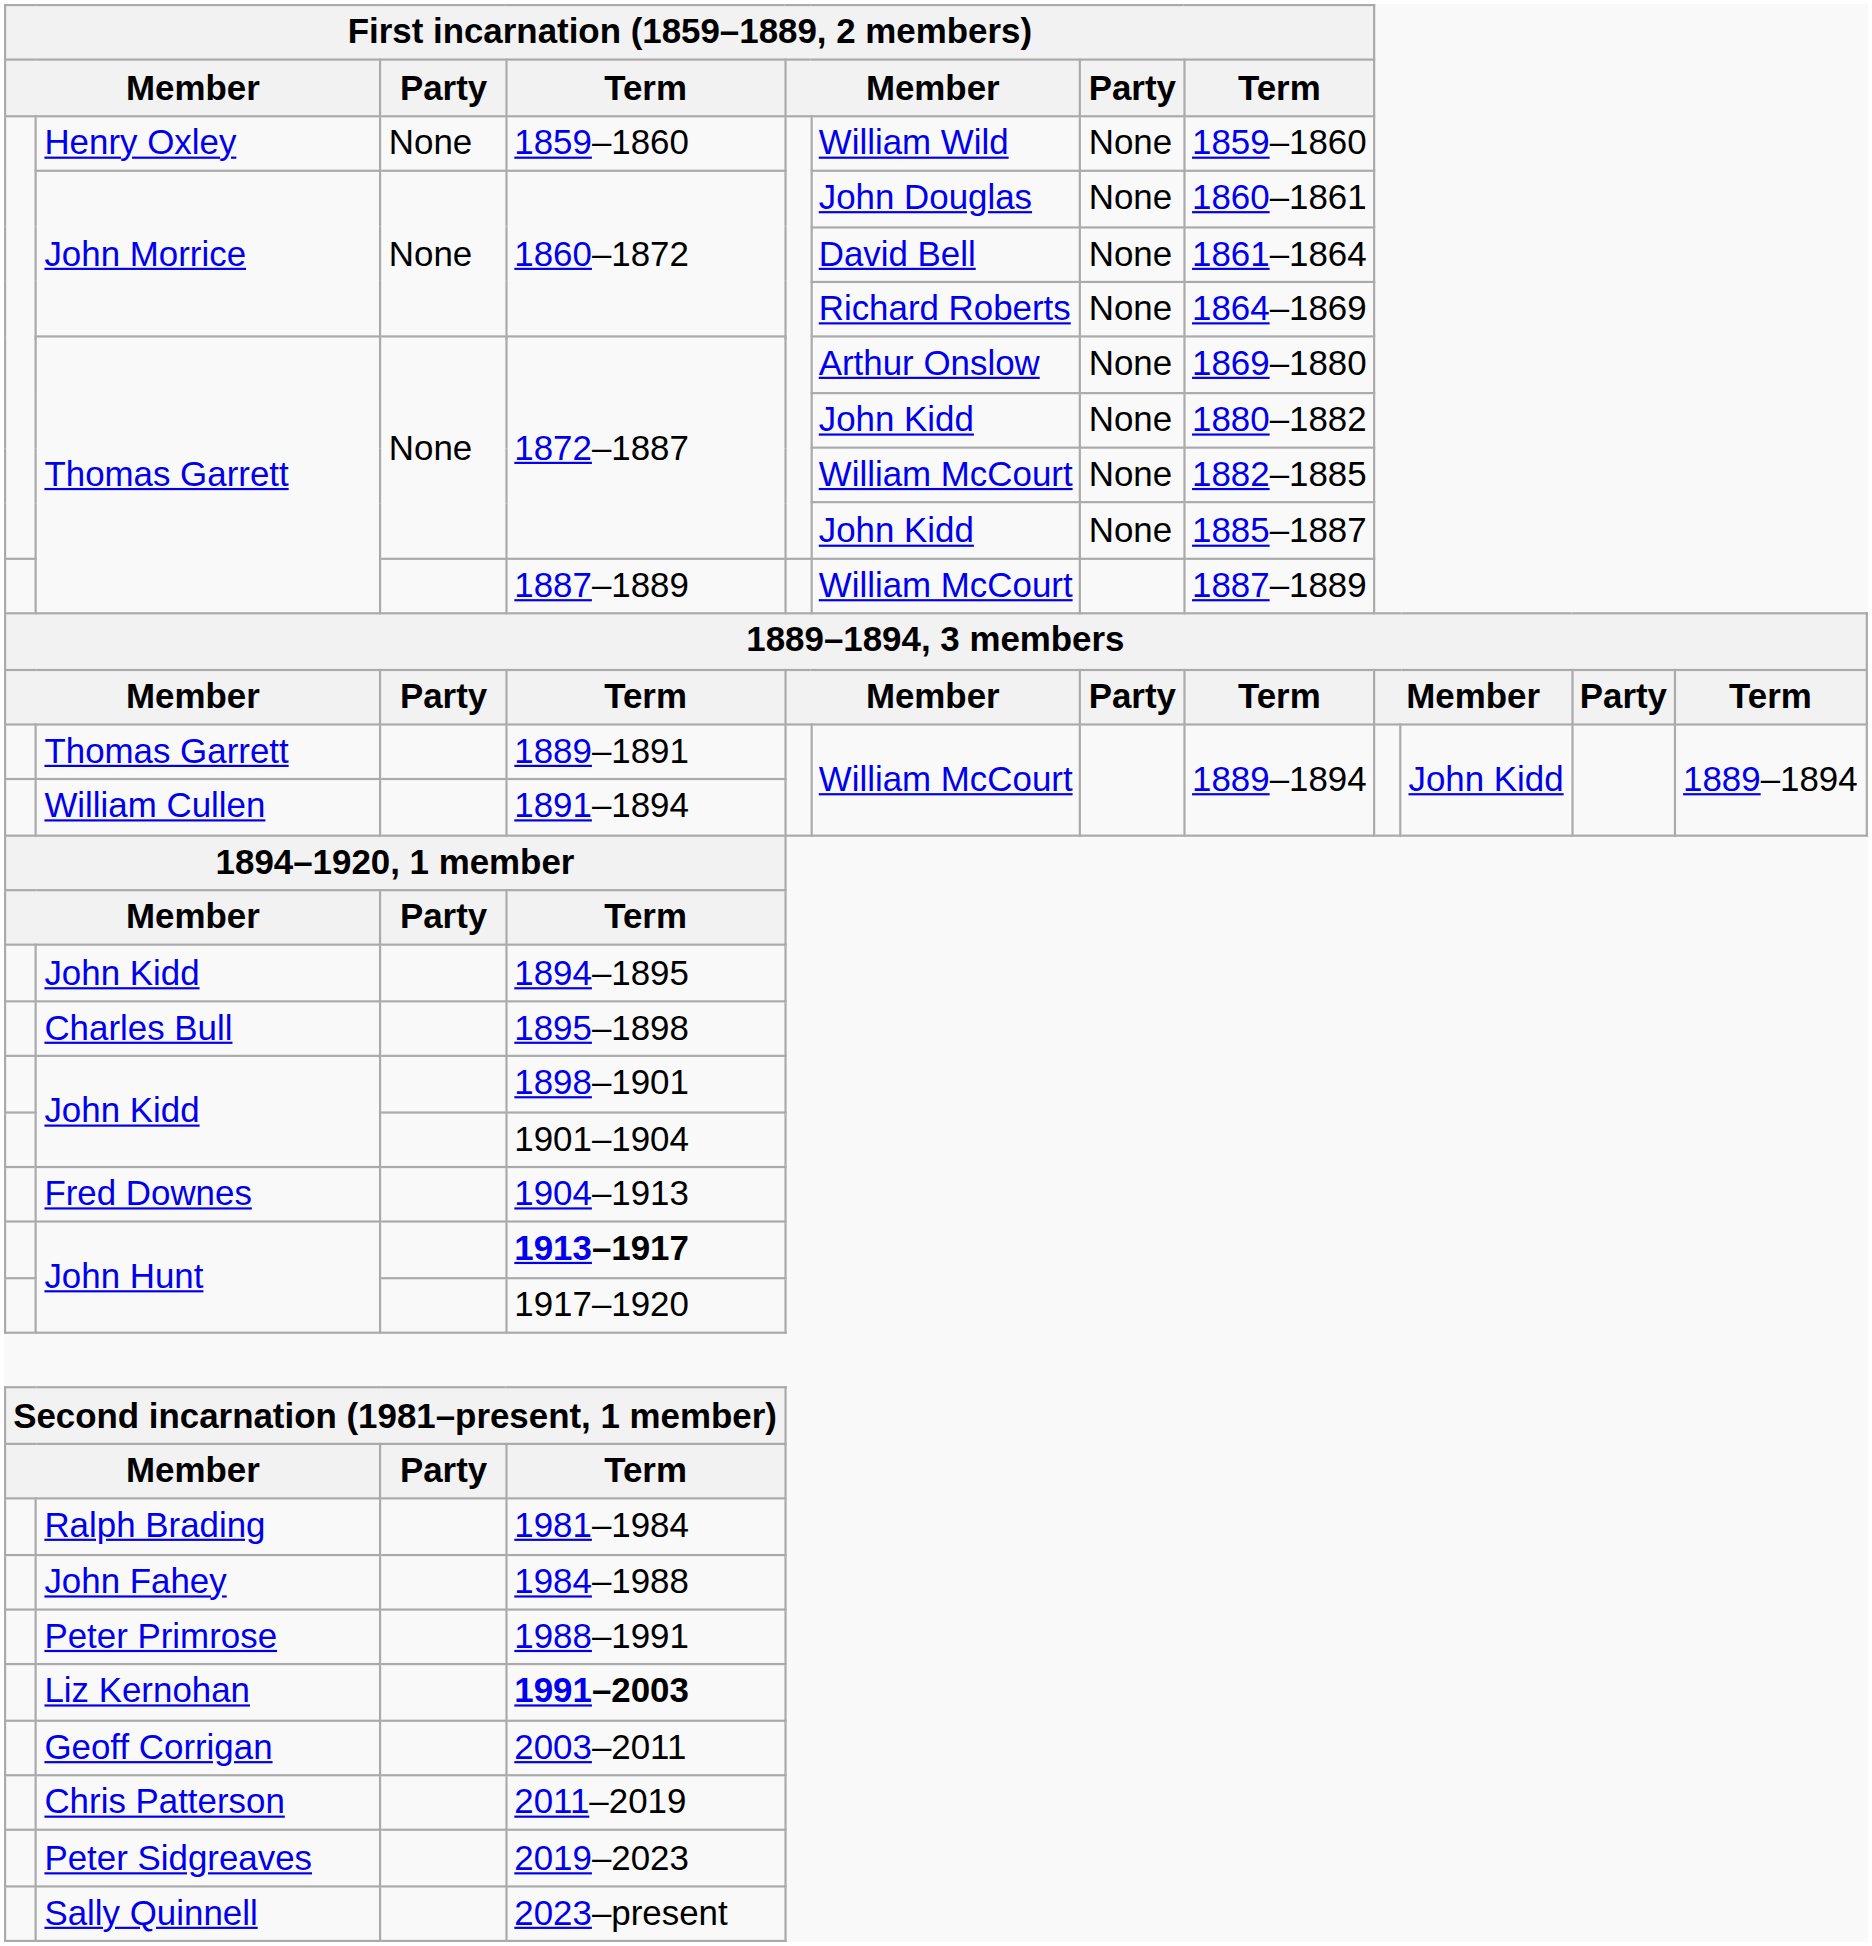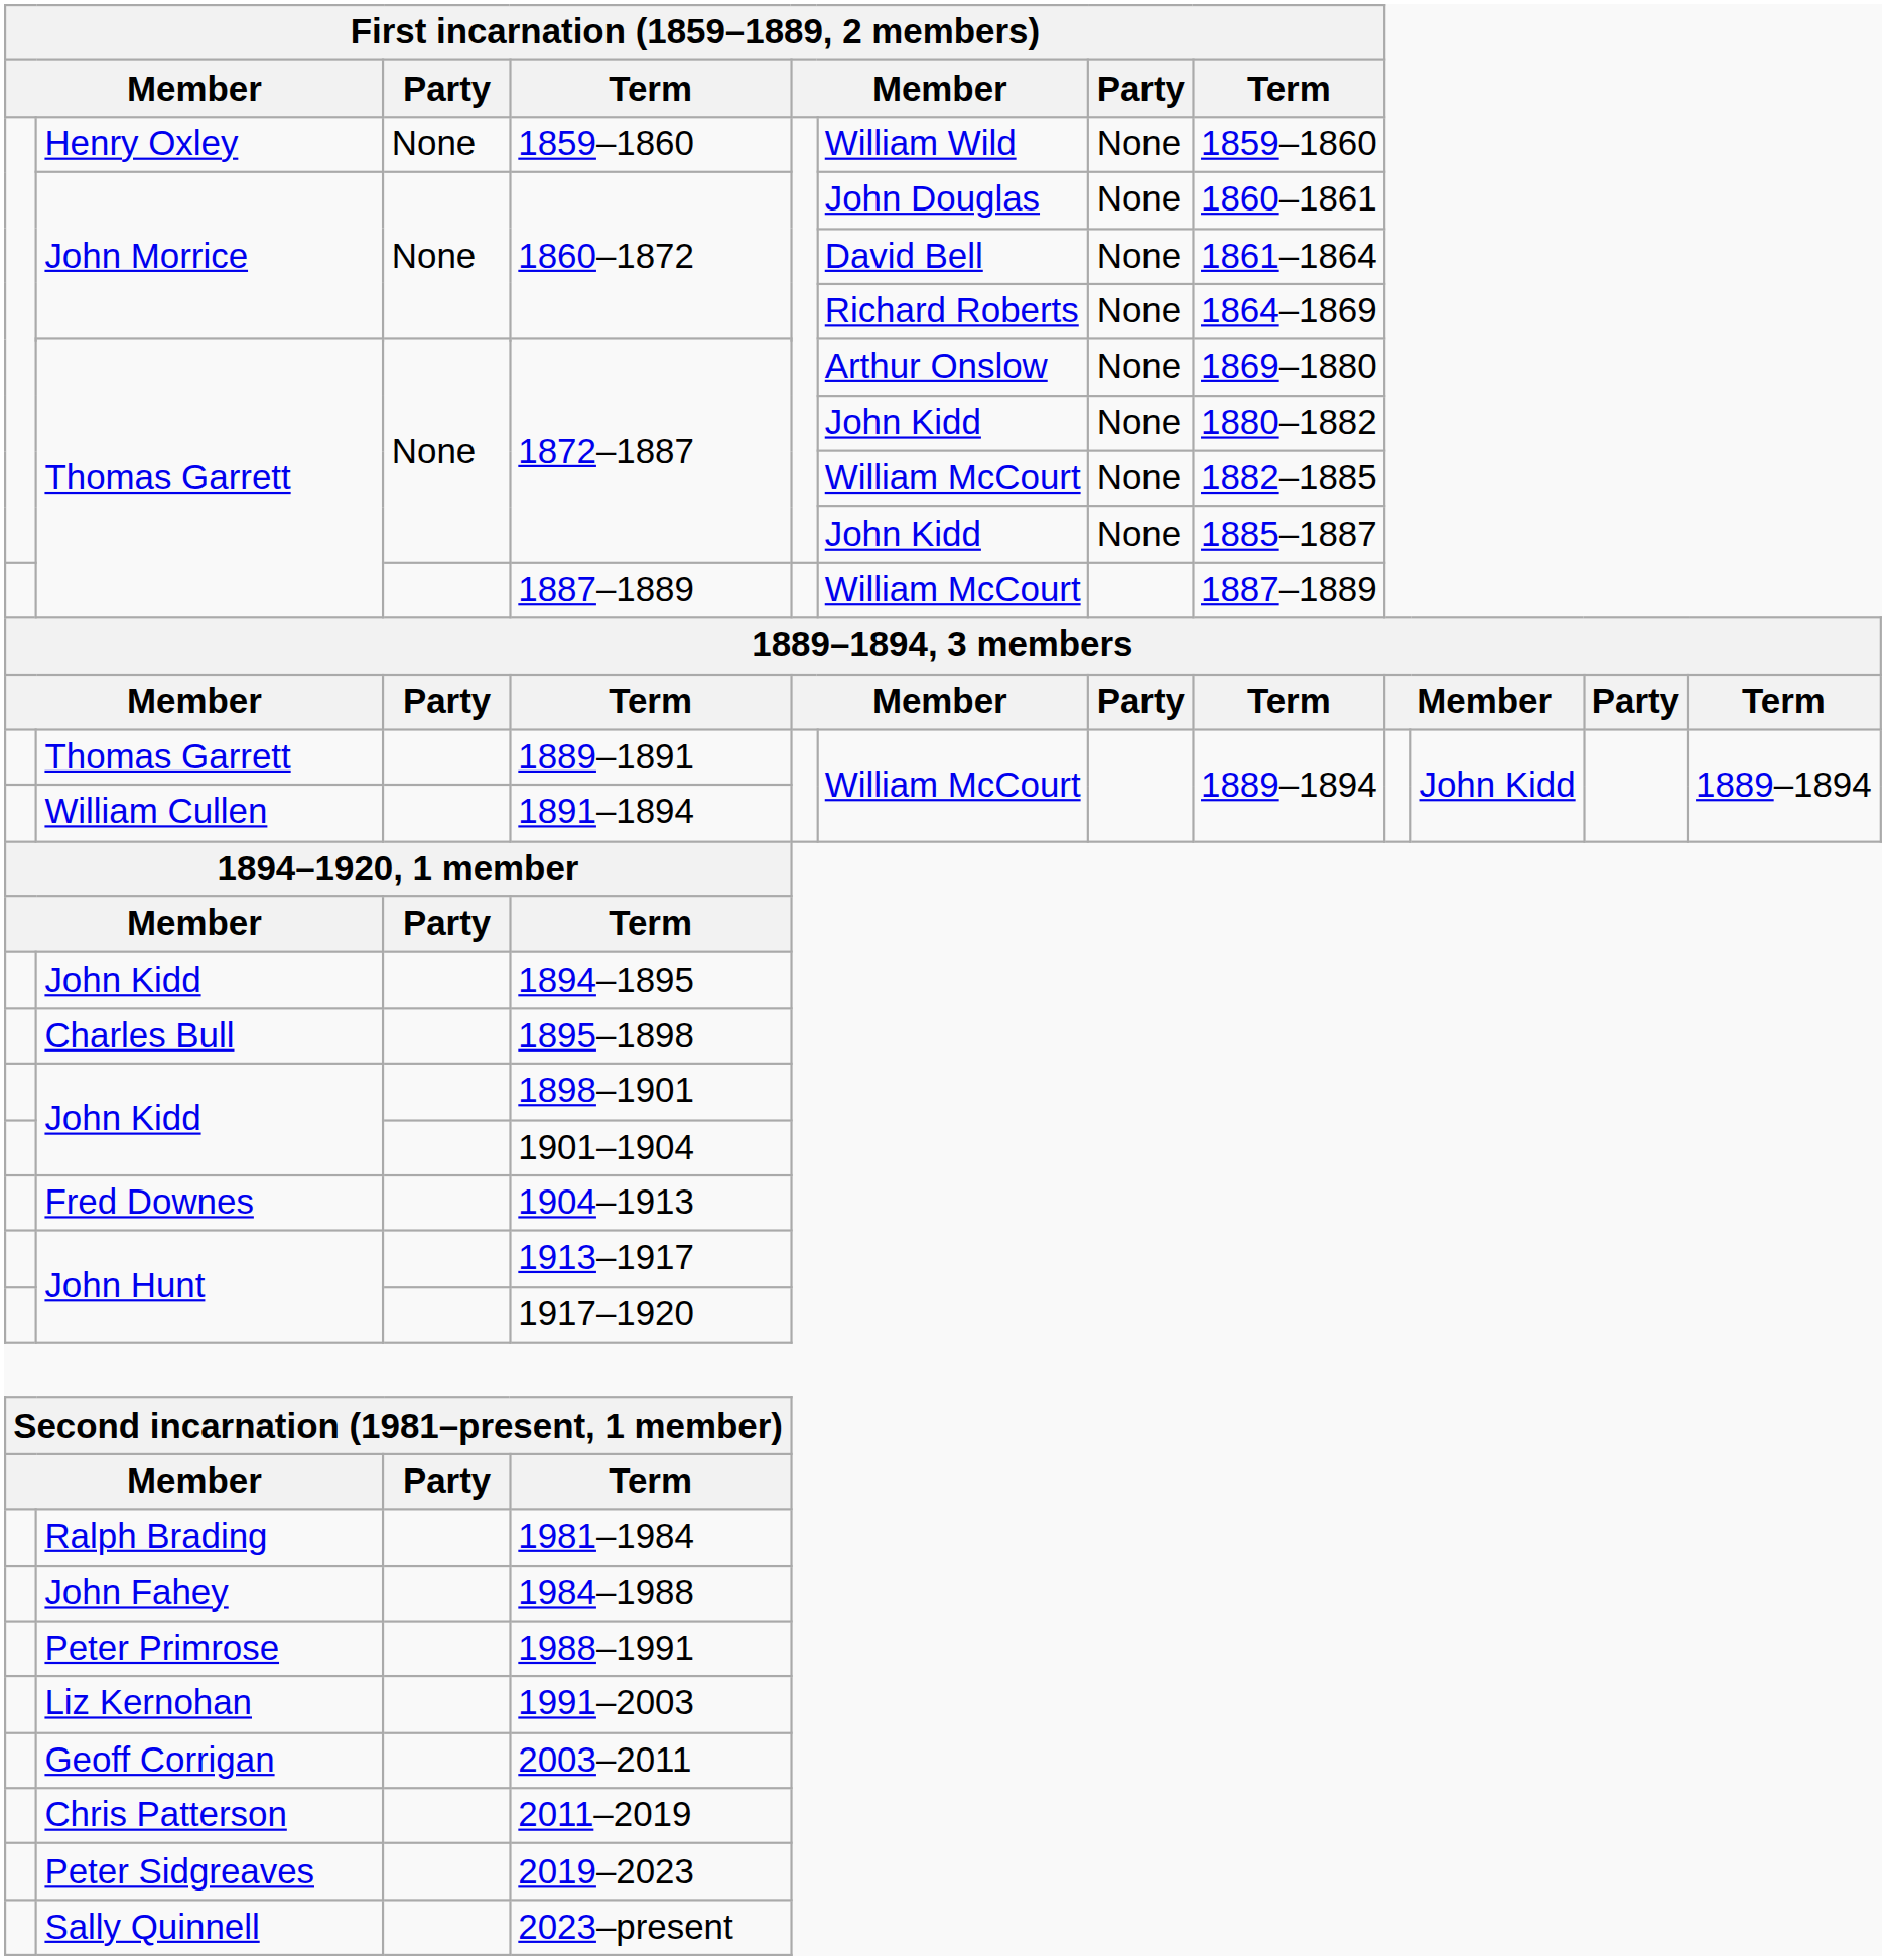 <table class="wikitable" style='border-style: none none none none;'>
 <tr>
 <th colspan="8">First incarnation (1859–1889, 2 members)</th>
 </tr>
 <tr>
 <th colspan="2">Member</th>
 <th>Party</th>
 <th>Term</th>
 <th colspan="2">Member</th>
 <th>Party</th>
 <th>Term</th>
 </tr>
 <tr style="background: #f9f9f9">
 <td rowspan="9" > </td>
 <td><a href='#'>Henry Oxley</a></td>
 <td>None</td>
 <td><a href='#'>1859</a>–1860</td>
 <td rowspan="9" > </td>
 <td><a href='#'>William Wild</a></td>
 <td>None</td>
 <td><a href='#'>1859</a>–1860</td>
 </tr>
 <tr style="background: #f9f9f9">
 <td rowspan="4"><a href='#'>John Morrice</a></td>
 <td rowspan="4">None</td>
 <td rowspan="4"><a href='#'>1860</a>–1872</td>
 <td><a href='#'>John Douglas</a></td>
 <td>None</td>
 <td><a href='#'>1860</a>–1861</td>
 </tr>
 <tr style="background: #f9f9f9">
 <td><a href='#'>David Bell</a></td>
 <td>None</td>
 <td><a href='#'>1861</a>–1864</td>
 </tr>
 <tr style="background: #f9f9f9">
 <td><a href='#'>Richard Roberts</a></td>
 <td>None</td>
 <td><a href='#'>1864</a>–1869</td>
 </tr>
 <tr style="background: #f9f9f9">
 <td rowspan="2"><a href='#'>Arthur Onslow</a></td>
 <td rowspan="2">None</td>
 <td rowspan="2"><a href='#'>1869</a>–1880</td>
 </tr>
 <tr style="background: #f9f9f9">
 <td rowspan="5"><a href='#'>Thomas Garrett</a></td>
 <td rowspan="4">None</td>
 <td rowspan="4"><a href='#'>1872</a>–1887</td>
 </tr>
 <tr style="background: #f9f9f9">
 <td><a href='#'>John Kidd</a></td>
 <td>None</td>
 <td><a href='#'>1880</a>–1882</td>
 </tr>
 <tr style="background: #f9f9f9">
 <td><a href='#'>William McCourt</a></td>
 <td>None</td>
 <td><a href='#'>1882</a>–1885</td>
 </tr>
 <tr style="background: #f9f9f9">
 <td><a href='#'>John Kidd</a></td>
 <td>None</td>
 <td><a href='#'>1885</a>–1887</td>
 </tr>
 <tr style="background: #f9f9f9">
 <td> </td>
 <td></td>
 <td><a href='#'>1887</a>–1889</td>
 <td> </td>
 <td><a href='#'>William McCourt</a></td>
 <td></td>
 <td><a href='#'>1887</a>–1889</td>
 </tr>
 <tr>
 <th colspan="12">1889–1894, 3 members</th>
 </tr>
 <tr>
 <th colspan="2">Member</th>
 <th>Party</th>
 <th>Term</th>
 <th colspan="2">Member</th>
 <th>Party</th>
 <th>Term</th>
 <th colspan="2">Member</th>
 <th>Party</th>
 <th>Term</th>
 </tr>
 <tr style="background: #f9f9f9">
 <td> </td>
 <td><a href='#'>Thomas Garrett</a></td>
 <td></td>
 <td><a href='#'>1889</a>–1891</td>
 <td rowspan="2" > </td>
 <td rowspan="2"><a href='#'>William McCourt</a></td>
 <td rowspan="2"></td>
 <td rowspan="2"><a href='#'>1889</a>–1894</td>
 <td rowspan="2" > </td>
 <td rowspan="2"><a href='#'>John Kidd</a></td>
 <td rowspan="2"></td>
 <td rowspan="2"><a href='#'>1889</a>–1894</td>
 </tr>
 <tr style="background: #f9f9f9">
 <td> </td>
 <td><a href='#'>William Cullen</a></td>
 <td></td>
 <td><a href='#'>1891</a>–1894</td>
 </tr>
 <tr>
 <th colspan="4">1894–1920, 1 member</th>
 </tr>
 <tr>
 <th colspan="2">Member</th>
 <th>Party</th>
 <th>Term</th>
 </tr>
 <tr style="background: #f9f9f9">
 <td> </td>
 <td><a href='#'>John Kidd</a></td>
 <td></td>
 <td><a href='#'>1894</a>–1895</td>
 </tr>
 <tr style="background: #f9f9f9">
 <td> </td>
 <td><a href='#'>Charles Bull</a></td>
 <td></td>
 <td><a href='#'>1895</a>–1898</td>
 </tr>
 <tr style="background: #f9f9f9">
 <td> </td>
 <td rowspan="2"><a href='#'>John Kidd</a></td>
 <td></td>
 <td><a href='#'>1898</a>–1901</td>
 </tr>
 <tr style="background: #f9f9f9">
 <td> </td>
 <td></td>
 <td>1901–1904</td>
 </tr>
 <tr style="background: #f9f9f9">
 <td> </td>
 <td><a href='#'>Fred Downes</a></td>
 <td></td>
 <td><a href='#'>1904</a>–1913</td>
 </tr>
 <tr style="background: #f9f9f9">
 <td> </td>
 <td rowspan="2"><a href='#'>John Hunt</a></td>
 <td></td>
-<td><strong><a href='#'>1913</a>–1917</strong></td>
+<td><a href='#'>1913</a>–1917</td>
 </tr>
 <tr style="background: #f9f9f9">
 <td> </td>
 <td></td>
 <td>1917–1920</td>
 </tr>
 <tr>
 <td colspan="4" style='border-style: none none none none;'> </td>
 </tr>
 <tr>
 <th colspan="4">Second incarnation (1981–present, 1 member)</th>
 </tr>
 <tr>
 <th colspan="2">Member</th>
 <th>Party</th>
 <th>Term</th>
 </tr>
 <tr style="background: #f9f9f9">
 <td> </td>
 <td><a href='#'>Ralph Brading</a></td>
 <td></td>
 <td><a href='#'>1981</a>–1984</td>
 </tr>
 <tr style="background: #f9f9f9">
 <td> </td>
 <td><a href='#'>John Fahey</a></td>
 <td></td>
 <td><a href='#'>1984</a>–1988</td>
 </tr>
 <tr style="background: #f9f9f9">
 <td> </td>
 <td><a href='#'>Peter Primrose</a></td>
 <td></td>
 <td><a href='#'>1988</a>–1991</td>
 </tr>
 <tr style="background: #f9f9f9">
 <td> </td>
 <td><a href='#'>Liz Kernohan</a></td>
 <td></td>
-<td><strong><a href='#'>1991</a>–2003</strong></td>
+<td><a href='#'>1991</a>–2003</td>
 </tr>
 <tr style="background: #f9f9f9">
 <td> </td>
 <td><a href='#'>Geoff Corrigan</a></td>
 <td></td>
 <td><a href='#'>2003</a>–2011</td>
 </tr>
 <tr style="background: #f9f9f9">
 <td> </td>
 <td><a href='#'>Chris Patterson</a></td>
 <td></td>
 <td><a href='#'>2011</a>–2019</td>
 </tr>
 <tr style="background: #f9f9f9">
 <td> </td>
 <td><a href='#'>Peter Sidgreaves</a></td>
 <td></td>
 <td><a href='#'>2019</a>–2023</td>
 </tr>
 <tr style="background: #f9f9f9">
 <td> </td>
 <td><a href='#'>Sally Quinnell</a></td>
 <td></td>
 <td><a href='#'>2023</a>–present</td>
 </tr>
 </table>
